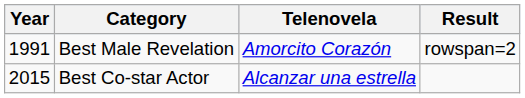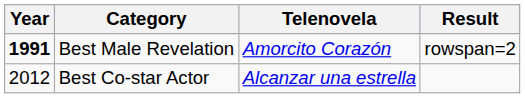 <table class="wikitable">
 <tr style="background:#b0c4de;">
 <th>Year</th>
 <th>Category</th>
 <th>Telenovela</th>
 <th>Result</th>
 </tr>
 <tr>
-<td>1991</td>
+<td><strong>1991</strong></td>
 <td>Best Male Revelation</td>
 <td><em><a href='#'>Amorcito Corazón</a></em></td>
 <td>rowspan=2 </td>
 </tr>
 <tr>
-<td>2015</td>
+<td>2012</td>
 <td>Best Co-star Actor</td>
 <td><em><a href='#'>Alcanzar una estrella</a></em></td>
 </tr>
 </table>
